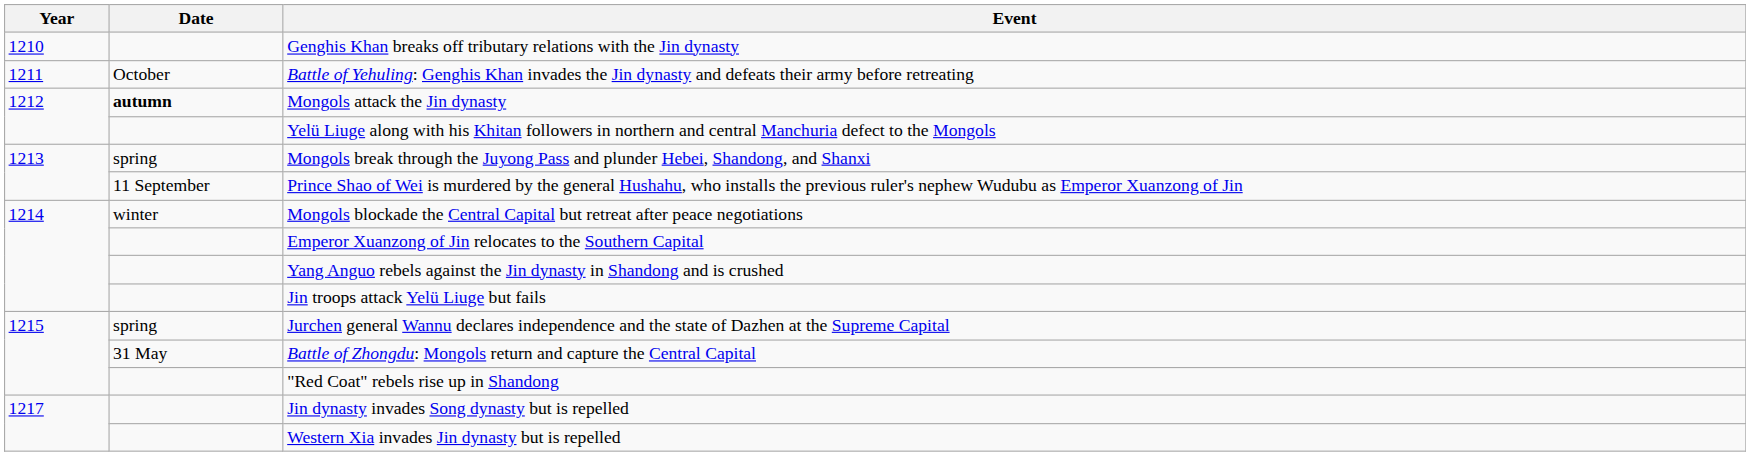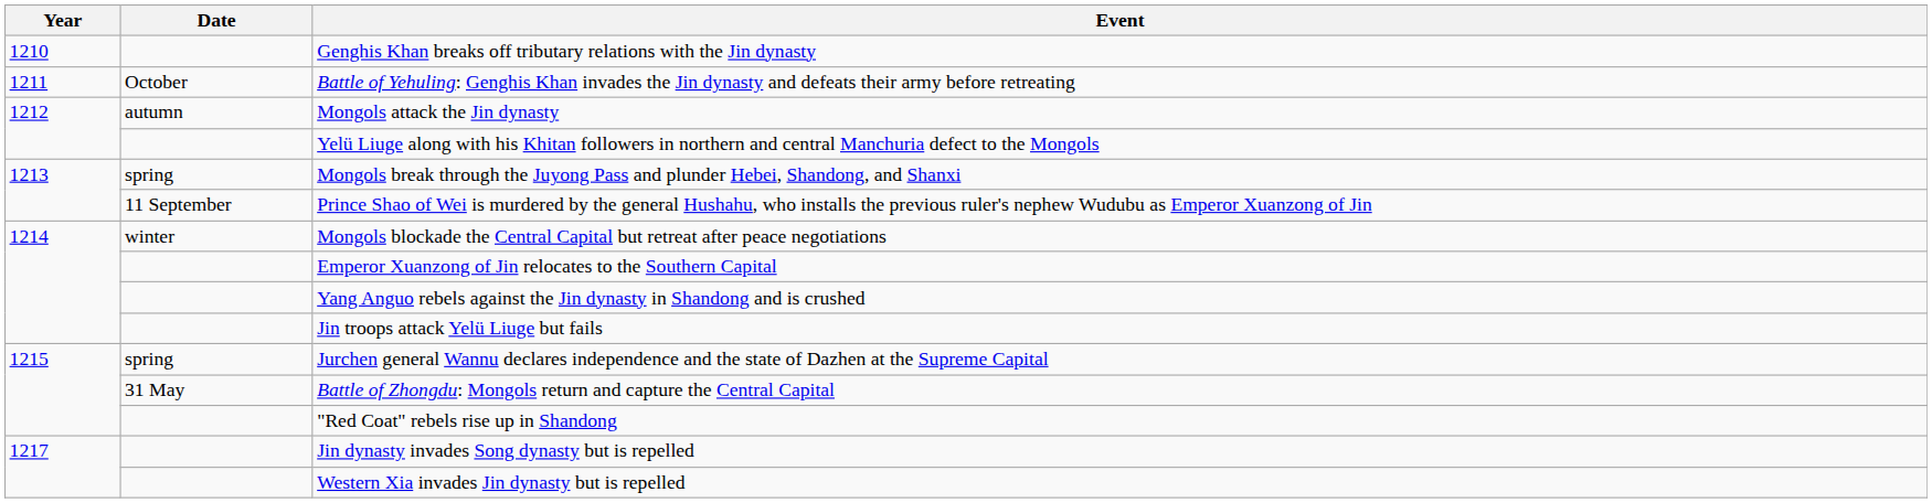 <table class="wikitable" width="100%">
 <tr>
 <th style="width:6%">Year</th>
 <th style="width:10%">Date</th>
 <th>Event</th>
 </tr>
 <tr>
 <td><a href='#'>1210</a></td>
 <td></td>
 <td><a href='#'>Genghis Khan</a> breaks off tributary relations with the <a href='#'>Jin dynasty</a></td>
 </tr>
 <tr>
 <td><a href='#'>1211</a></td>
 <td>October</td>
 <td><em><a href='#'>Battle of Yehuling</a></em>: <a href='#'>Genghis Khan</a> invades the <a href='#'>Jin dynasty</a> and defeats their army before retreating</td>
 </tr>
 <tr>
 <td rowspan="2" valign="top"><a href='#'>1212</a></td>
-<td><strong>autumn</strong></td>
+<td>autumn</td>
 <td><a href='#'>Mongols</a> attack the <a href='#'>Jin dynasty</a></td>
 </tr>
 <tr>
 <td></td>
 <td><a href='#'>Yelü Liuge</a> along with his <a href='#'>Khitan</a> followers in northern and central <a href='#'>Manchuria</a> defect to the <a href='#'>Mongols</a></td>
 </tr>
 <tr>
 <td rowspan="2" valign="top"><a href='#'>1213</a></td>
 <td>spring</td>
 <td><a href='#'>Mongols</a> break through the <a href='#'>Juyong Pass</a> and plunder <a href='#'>Hebei</a>, <a href='#'>Shandong</a>, and <a href='#'>Shanxi</a></td>
 </tr>
 <tr>
 <td>11 September</td>
 <td><a href='#'>Prince Shao of Wei</a> is murdered by the general <a href='#'>Hushahu</a>, who installs the previous ruler's nephew Wudubu as <a href='#'>Emperor Xuanzong of Jin</a></td>
 </tr>
 <tr>
 <td rowspan="4" valign="top"><a href='#'>1214</a></td>
 <td>winter</td>
 <td><a href='#'>Mongols</a> blockade the <a href='#'>Central Capital</a> but retreat after peace negotiations</td>
 </tr>
 <tr>
 <td></td>
 <td><a href='#'>Emperor Xuanzong of Jin</a> relocates to the <a href='#'>Southern Capital</a></td>
 </tr>
 <tr>
 <td></td>
 <td><a href='#'>Yang Anguo</a> rebels against the <a href='#'>Jin dynasty</a> in <a href='#'>Shandong</a> and is crushed</td>
 </tr>
 <tr>
 <td></td>
 <td><a href='#'>Jin</a> troops attack <a href='#'>Yelü Liuge</a> but fails</td>
 </tr>
 <tr>
 <td rowspan="3" valign="top"><a href='#'>1215</a></td>
 <td>spring</td>
 <td><a href='#'>Jurchen</a> general <a href='#'>Wannu</a> declares independence and the state of Dazhen at the <a href='#'>Supreme Capital</a></td>
 </tr>
 <tr>
 <td>31 May</td>
 <td><em><a href='#'>Battle of Zhongdu</a></em>: <a href='#'>Mongols</a> return and capture the <a href='#'>Central Capital</a></td>
 </tr>
 <tr>
 <td></td>
 <td>"Red Coat" rebels rise up in <a href='#'>Shandong</a></td>
 </tr>
 <tr>
 <td rowspan="2" valign="top"><a href='#'>1217</a></td>
 <td></td>
 <td><a href='#'>Jin dynasty</a> invades <a href='#'>Song dynasty</a> but is repelled</td>
 </tr>
 <tr>
 <td></td>
 <td><a href='#'>Western Xia</a> invades <a href='#'>Jin dynasty</a> but is repelled</td>
 </tr>
 </table>
